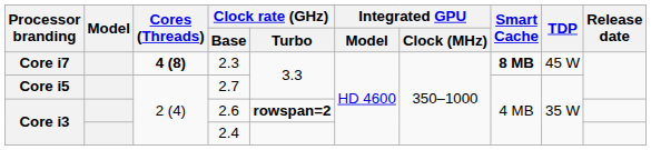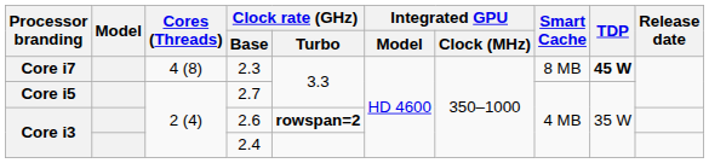 <table class="wikitable sortable nowrap" style="text-align: center;">
 <tr>
 <th class="unsortable" rowspan="2">Processor<br>branding</th>
 <th rowspan="2">Model</th>
 <th class="unsortable" rowspan="2"><a href='#'>Cores</a><br>(<a href='#'>Threads</a>)</th>
 <th colspan="2"><a href='#'>Clock rate</a> (GHz)</th>
 <th colspan="2">Integrated <a href='#'>GPU</a></th>
 <th class="unsortable" rowspan="2"><a href='#'>Smart<br>Cache</a></th>
 <th rowspan="2"><a href='#'>TDP</a></th>
 <th rowspan="2">Release<br>date</th>
 </tr>
 <tr>
 <th class="unsortable">Base</th>
 <th class="unsortable">Turbo</th>
 <th class="unsortable">Model</th>
 <th class="unsortable">Clock (MHz)</th>
 </tr>
 <tr>
 <th>Core i7</th>
 <th style="text-align:left;" data-sort-value="sku4"></th>
-<td><strong>4 (8)</strong></td>
+<td>4 (8)</td>
 <td>2.3</td>
 <td rowspan=2>3.3</td>
 <td rowspan=4><a href='#'>HD 4600</a></td>
 <td rowspan=4>350–1000</td>
-<td><strong>8 MB</strong></td>
-<td>45 W</td>
+<td>8 MB</td>
+<td><strong>45 W</strong></td>
 <td rowspan=2></td>
 </tr>
 <tr>
 <th>Core i5</th>
 <th style="text-align:left;" data-sort-value="sku3"></th>
 <td rowspan=3>2 (4)</td>
 <td>2.7</td>
 <td rowspan=3>4 MB</td>
 <td rowspan=3>35 W</td>
 </tr>
 <tr>
 <th rowspan=2>Core i3</th>
 <th style="text-align:left;" data-sort-value="sku2"></th>
 <td>2.6</td>
 <td><strong>rowspan=2 </strong></td>
 <td></td>
 </tr>
 <tr>
 <th style="text-align:left;" data-sort-value="sku1"></th>
 <td>2.4</td>
 <td></td>
 </tr>
 </table>
